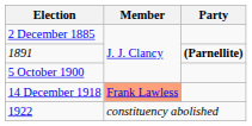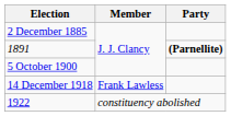 <table class="wikitable">
 <tr>
 <th>Election</th>
 <th>Member</th>
 <th colspan="2">Party</th>
 </tr>
 <tr>
 <td><a href='#'>2 December 1885</a></td>
 <td rowspan="3"><a href='#'>J. J. Clancy</a></td>
 <td></td>
 </tr>
 <tr>
 <td><em>1891</em></td>
 <td><strong> (Parnellite)</strong></td>
 </tr>
 <tr>
 <td><a href='#'>5 October 1900</a></td>
 <td></td>
 </tr>
 <tr>
 <td><a href='#'>14 December 1918</a></td>
-<td style="background: lightsalmon;"><a href='#'>Frank Lawless</a></td>
+<td><a href='#'>Frank Lawless</a></td>
 <td></td>
 </tr>
 <tr>
 <td><a href='#'>1922</a></td>
 <td colspan="3"><em>constituency abolished</em></td>
 </tr>
 </table>
